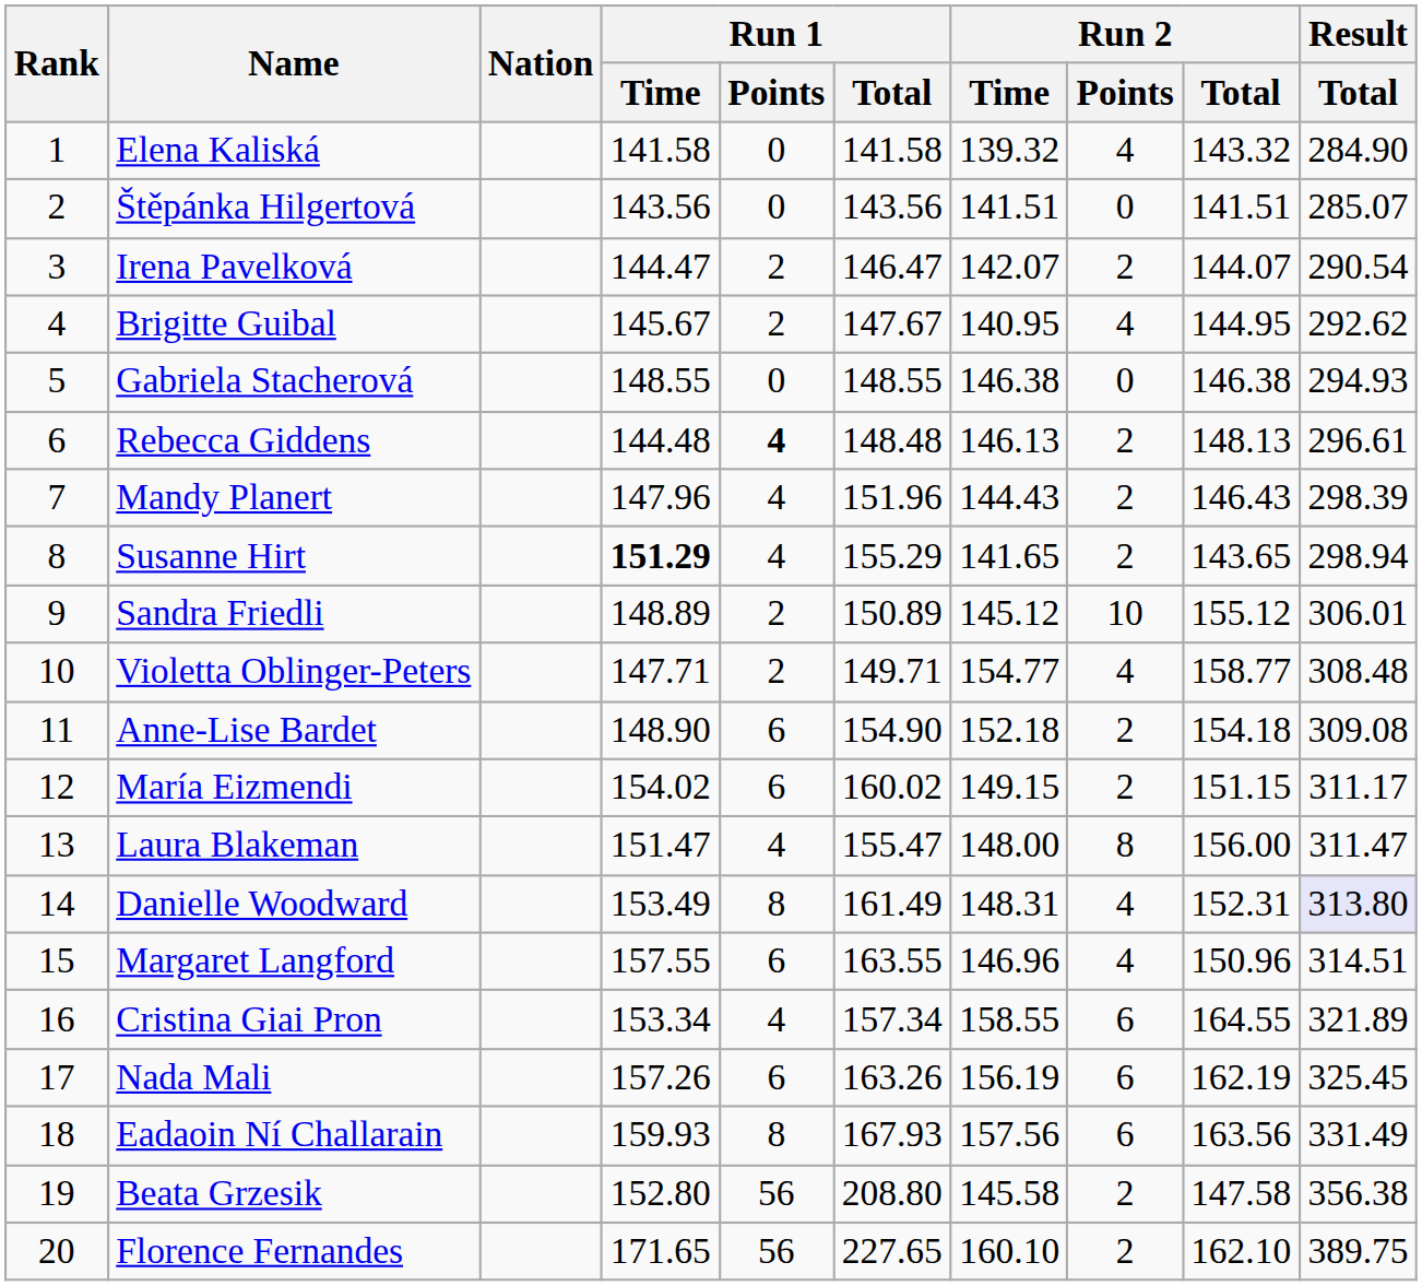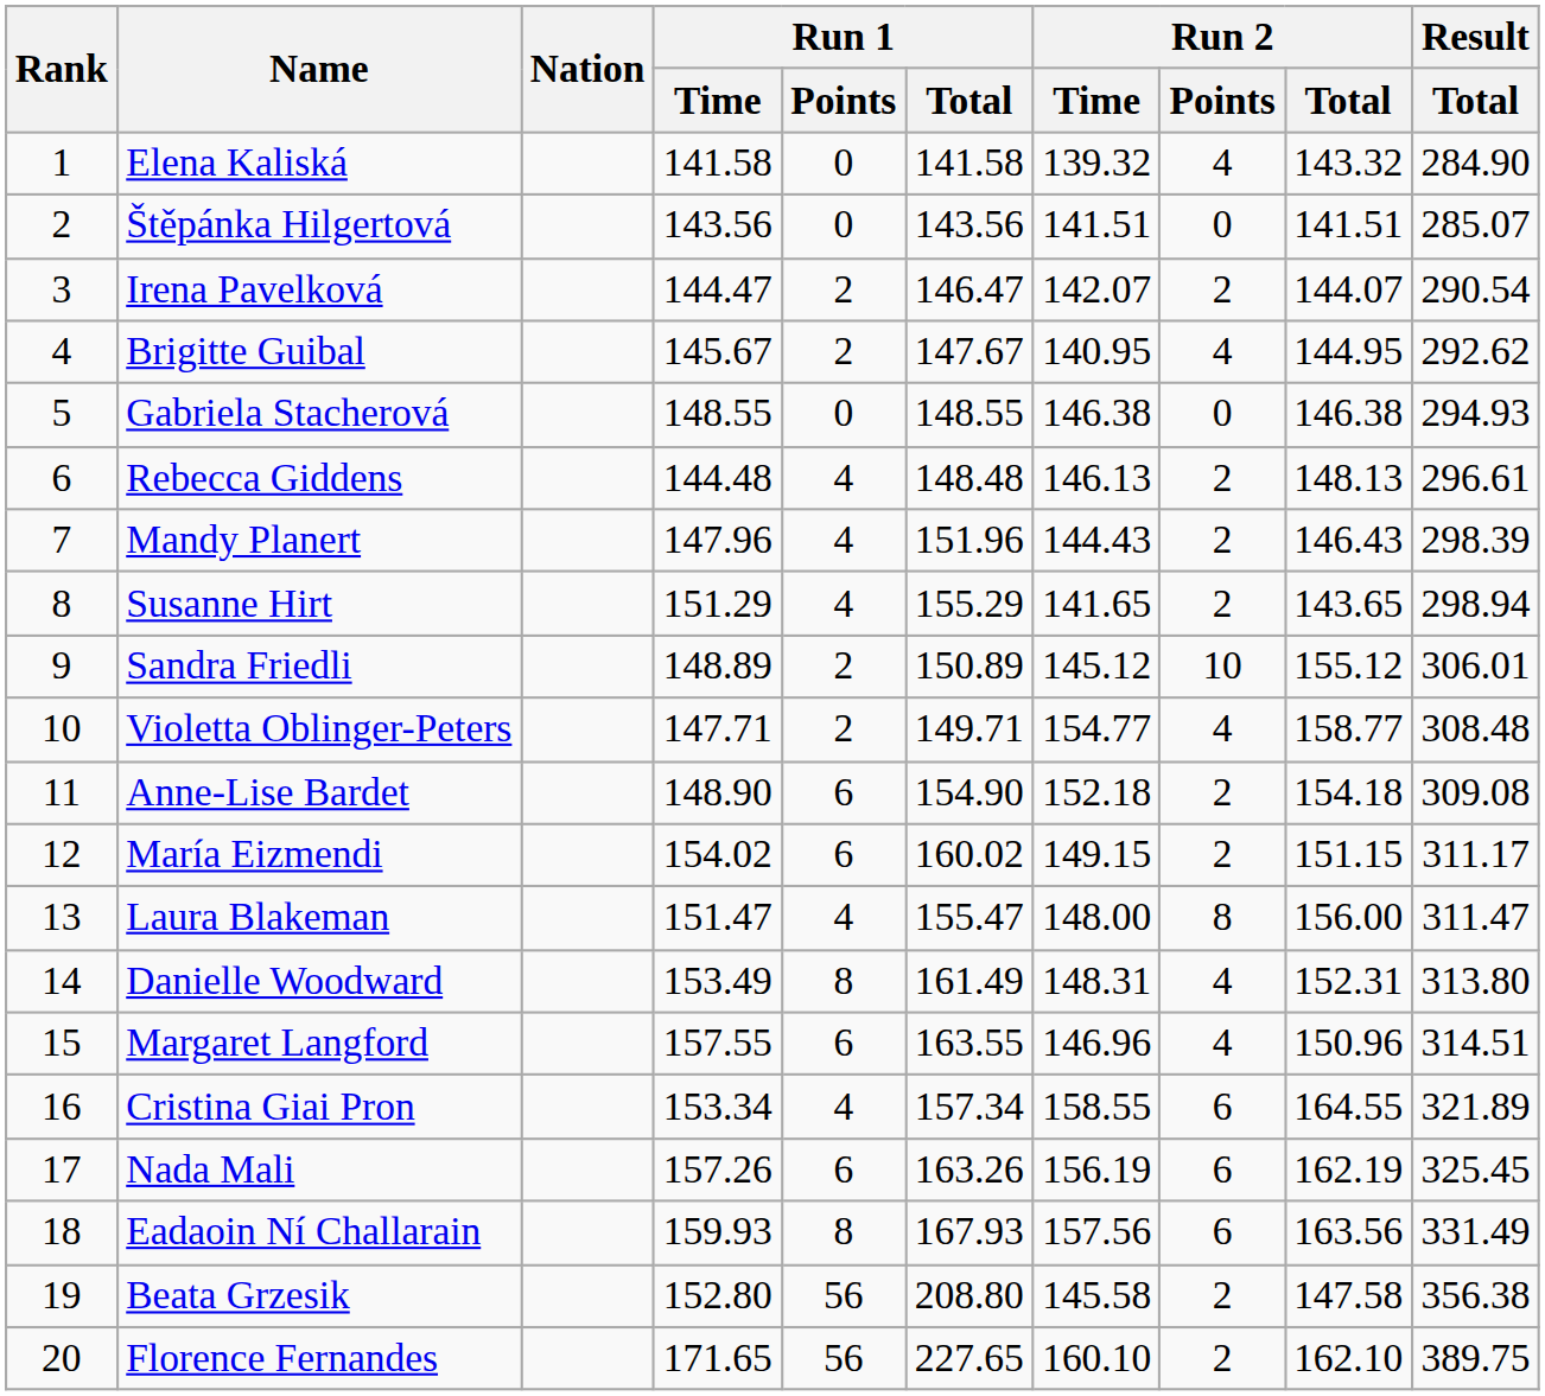 <table class="wikitable sortable" style="text-align:center">
 <tr>
 <th rowspan=2>Rank</th>
 <th rowspan=2>Name</th>
 <th rowspan=2>Nation</th>
 <th colspan=3>Run 1</th>
 <th colspan=3>Run 2</th>
 <th>Result</th>
 </tr>
 <tr>
 <th>Time</th>
 <th>Points</th>
 <th>Total</th>
 <th>Time</th>
 <th>Points</th>
 <th>Total</th>
 <th>Total</th>
 </tr>
 <tr>
 <td>1</td>
 <td align=left><a href='#'>Elena Kaliská</a></td>
 <td align=left></td>
 <td>141.58</td>
 <td>0</td>
 <td>141.58</td>
 <td>139.32</td>
 <td>4</td>
 <td>143.32</td>
 <td>284.90</td>
 </tr>
 <tr>
 <td>2</td>
 <td align=left><a href='#'>Štěpánka Hilgertová</a></td>
 <td align=left></td>
 <td>143.56</td>
 <td>0</td>
 <td>143.56</td>
 <td>141.51</td>
 <td>0</td>
 <td>141.51</td>
 <td>285.07</td>
 </tr>
 <tr>
 <td>3</td>
 <td align=left><a href='#'>Irena Pavelková</a></td>
 <td align=left></td>
 <td>144.47</td>
 <td>2</td>
 <td>146.47</td>
 <td>142.07</td>
 <td>2</td>
 <td>144.07</td>
 <td>290.54</td>
 </tr>
 <tr>
 <td>4</td>
 <td align=left><a href='#'>Brigitte Guibal</a></td>
 <td align=left></td>
 <td>145.67</td>
 <td>2</td>
 <td>147.67</td>
 <td>140.95</td>
 <td>4</td>
 <td>144.95</td>
 <td>292.62</td>
 </tr>
 <tr>
 <td>5</td>
 <td align=left><a href='#'>Gabriela Stacherová</a></td>
 <td align=left></td>
 <td>148.55</td>
 <td>0</td>
 <td>148.55</td>
 <td>146.38</td>
 <td>0</td>
 <td>146.38</td>
 <td>294.93</td>
 </tr>
 <tr>
 <td>6</td>
 <td align=left><a href='#'>Rebecca Giddens</a></td>
 <td align=left></td>
 <td>144.48</td>
-<td><strong>4</strong></td>
+<td>4</td>
 <td>148.48</td>
 <td>146.13</td>
 <td>2</td>
 <td>148.13</td>
 <td>296.61</td>
 </tr>
 <tr>
 <td>7</td>
 <td align=left><a href='#'>Mandy Planert</a></td>
 <td align=left></td>
 <td>147.96</td>
 <td>4</td>
 <td>151.96</td>
 <td>144.43</td>
 <td>2</td>
 <td>146.43</td>
 <td>298.39</td>
 </tr>
 <tr>
 <td>8</td>
 <td align=left><a href='#'>Susanne Hirt</a></td>
 <td align=left></td>
-<td><strong>151.29</strong></td>
+<td>151.29</td>
 <td>4</td>
 <td>155.29</td>
 <td>141.65</td>
 <td>2</td>
 <td>143.65</td>
 <td>298.94</td>
 </tr>
 <tr>
 <td>9</td>
 <td align=left><a href='#'>Sandra Friedli</a></td>
 <td align=left></td>
 <td>148.89</td>
 <td>2</td>
 <td>150.89</td>
 <td>145.12</td>
 <td>10</td>
 <td>155.12</td>
 <td>306.01</td>
 </tr>
 <tr>
 <td>10</td>
 <td align=left><a href='#'>Violetta Oblinger-Peters</a></td>
 <td align=left></td>
 <td>147.71</td>
 <td>2</td>
 <td>149.71</td>
 <td>154.77</td>
 <td>4</td>
 <td>158.77</td>
 <td>308.48</td>
 </tr>
 <tr>
 <td>11</td>
 <td align=left><a href='#'>Anne-Lise Bardet</a></td>
 <td align=left></td>
 <td>148.90</td>
 <td>6</td>
 <td>154.90</td>
 <td>152.18</td>
 <td>2</td>
 <td>154.18</td>
 <td>309.08</td>
 </tr>
 <tr>
 <td>12</td>
 <td align=left><a href='#'>María Eizmendi</a></td>
 <td align=left></td>
 <td>154.02</td>
 <td>6</td>
 <td>160.02</td>
 <td>149.15</td>
 <td>2</td>
 <td>151.15</td>
 <td>311.17</td>
 </tr>
 <tr>
 <td>13</td>
 <td align=left><a href='#'>Laura Blakeman</a></td>
 <td align=left></td>
 <td>151.47</td>
 <td>4</td>
 <td>155.47</td>
 <td>148.00</td>
 <td>8</td>
 <td>156.00</td>
 <td>311.47</td>
 </tr>
 <tr>
 <td>14</td>
 <td align=left><a href='#'>Danielle Woodward</a></td>
 <td align=left></td>
 <td>153.49</td>
 <td>8</td>
 <td>161.49</td>
 <td>148.31</td>
 <td>4</td>
 <td>152.31</td>
-<td style="background: lavender;">313.80</td>
+<td>313.80</td>
 </tr>
 <tr>
 <td>15</td>
 <td align=left><a href='#'>Margaret Langford</a></td>
 <td align=left></td>
 <td>157.55</td>
 <td>6</td>
 <td>163.55</td>
 <td>146.96</td>
 <td>4</td>
 <td>150.96</td>
 <td>314.51</td>
 </tr>
 <tr>
 <td>16</td>
 <td align=left><a href='#'>Cristina Giai Pron</a></td>
 <td align=left></td>
 <td>153.34</td>
 <td>4</td>
 <td>157.34</td>
 <td>158.55</td>
 <td>6</td>
 <td>164.55</td>
 <td>321.89</td>
 </tr>
 <tr>
 <td>17</td>
 <td align=left><a href='#'>Nada Mali</a></td>
 <td align=left></td>
 <td>157.26</td>
 <td>6</td>
 <td>163.26</td>
 <td>156.19</td>
 <td>6</td>
 <td>162.19</td>
 <td>325.45</td>
 </tr>
 <tr>
 <td>18</td>
 <td align=left><a href='#'>Eadaoin Ní Challarain</a></td>
 <td align=left></td>
 <td>159.93</td>
 <td>8</td>
 <td>167.93</td>
 <td>157.56</td>
 <td>6</td>
 <td>163.56</td>
 <td>331.49</td>
 </tr>
 <tr>
 <td>19</td>
 <td align=left><a href='#'>Beata Grzesik</a></td>
 <td align=left></td>
 <td>152.80</td>
 <td>56</td>
 <td>208.80</td>
 <td>145.58</td>
 <td>2</td>
 <td>147.58</td>
 <td>356.38</td>
 </tr>
 <tr>
 <td>20</td>
 <td align=left><a href='#'>Florence Fernandes</a></td>
 <td align=left></td>
 <td>171.65</td>
 <td>56</td>
 <td>227.65</td>
 <td>160.10</td>
 <td>2</td>
 <td>162.10</td>
 <td>389.75</td>
 </tr>
 </table>
